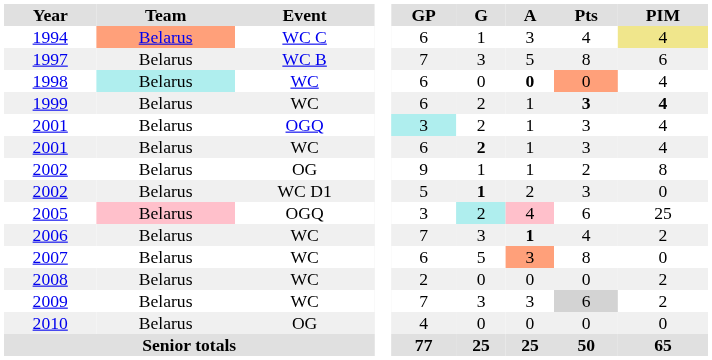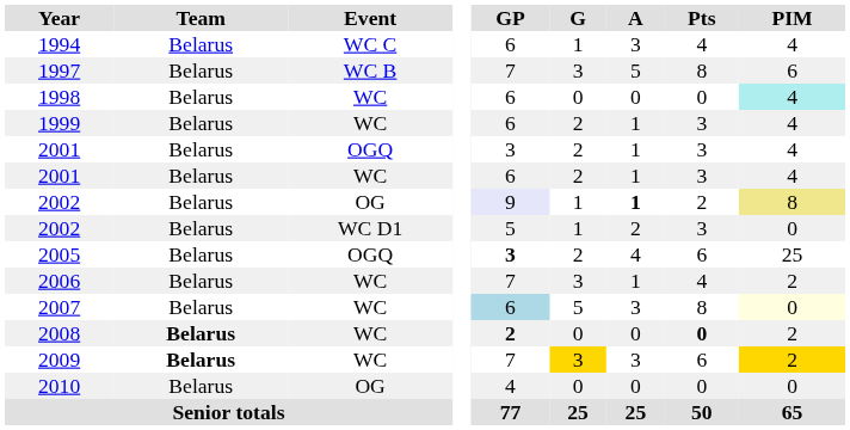 <table border="0" cellpadding="1" cellspacing="0" style="text-align:center; width:40em">
 <tr ALIGN="center" bgcolor="#e0e0e0">
 <th>Year</th>
 <th>Team</th>
 <th>Event</th>
 <th rowspan="99" bgcolor="#ffffff"> </th>
 <th>GP</th>
 <th>G</th>
 <th>A</th>
 <th>Pts</th>
 <th>PIM</th>
 </tr>
 <tr>
 <td><a href='#'>1994</a></td>
-<td style="background: lightsalmon;"><a href='#'>Belarus</a></td>
+<td><a href='#'>Belarus</a></td>
 <td><a href='#'>WC C</a></td>
 <td>6</td>
 <td>1</td>
 <td>3</td>
 <td>4</td>
-<td style="background: khaki;">4</td>
+<td>4</td>
 </tr>
 <tr bgcolor="#f0f0f0">
 <td><a href='#'>1997</a></td>
 <td>Belarus</td>
 <td><a href='#'>WC B</a></td>
 <td>7</td>
 <td>3</td>
 <td>5</td>
 <td>8</td>
 <td>6</td>
 </tr>
 <tr>
 <td><a href='#'>1998</a></td>
-<td style="background: paleturquoise;">Belarus</td>
+<td>Belarus</td>
 <td><a href='#'>WC</a></td>
 <td>6</td>
 <td>0</td>
-<td><strong>0</strong></td>
-<td style="background: lightsalmon;">0</td>
-<td>4</td>
+<td>0</td>
+<td>0</td>
+<td style="background: paleturquoise;">4</td>
 </tr>
 <tr bgcolor="#f0f0f0">
 <td><a href='#'>1999</a></td>
 <td>Belarus</td>
 <td>WC</td>
 <td>6</td>
 <td>2</td>
 <td>1</td>
-<td><strong>3</strong></td>
-<td><strong>4</strong></td>
+<td>3</td>
+<td>4</td>
 </tr>
 <tr>
 <td><a href='#'>2001</a></td>
 <td>Belarus</td>
 <td><a href='#'>OGQ</a></td>
-<td style="background: paleturquoise;">3</td>
+<td>3</td>
 <td>2</td>
 <td>1</td>
 <td>3</td>
 <td>4</td>
 </tr>
 <tr bgcolor="#f0f0f0">
 <td><a href='#'>2001</a></td>
 <td>Belarus</td>
 <td>WC</td>
 <td>6</td>
-<td><strong>2</strong></td>
+<td>2</td>
 <td>1</td>
 <td>3</td>
 <td>4</td>
 </tr>
 <tr>
 <td><a href='#'>2002</a></td>
 <td>Belarus</td>
 <td>OG</td>
-<td>9</td>
+<td style="background: lavender;">9</td>
 <td>1</td>
-<td>1</td>
+<td><strong>1</strong></td>
 <td>2</td>
-<td>8</td>
+<td style="background: khaki;">8</td>
 </tr>
 <tr bgcolor="#f0f0f0">
 <td><a href='#'>2002</a></td>
 <td>Belarus</td>
 <td>WC D1</td>
 <td>5</td>
-<td><strong>1</strong></td>
+<td>1</td>
 <td>2</td>
 <td>3</td>
 <td>0</td>
 </tr>
 <tr>
 <td><a href='#'>2005</a></td>
-<td style="background: pink;">Belarus</td>
+<td>Belarus</td>
 <td>OGQ</td>
-<td>3</td>
-<td style="background: paleturquoise;">2</td>
-<td style="background: pink;">4</td>
+<td><strong>3</strong></td>
+<td>2</td>
+<td>4</td>
 <td>6</td>
 <td>25</td>
 </tr>
 <tr bgcolor="#f0f0f0">
 <td><a href='#'>2006</a></td>
 <td>Belarus</td>
 <td>WC</td>
 <td>7</td>
 <td>3</td>
-<td><strong>1</strong></td>
+<td>1</td>
 <td>4</td>
 <td>2</td>
 </tr>
 <tr>
 <td><a href='#'>2007</a></td>
 <td>Belarus</td>
 <td>WC</td>
-<td>6</td>
+<td style="background: lightblue;">6</td>
 <td>5</td>
-<td style="background: lightsalmon;">3</td>
+<td>3</td>
 <td>8</td>
-<td>0</td>
+<td style="background: lightyellow;">0</td>
 </tr>
 <tr bgcolor="#f0f0f0">
 <td><a href='#'>2008</a></td>
-<td>Belarus</td>
+<td><strong>Belarus</strong></td>
 <td>WC</td>
-<td>2</td>
+<td><strong>2</strong></td>
 <td>0</td>
 <td>0</td>
-<td>0</td>
+<td><strong>0</strong></td>
 <td>2</td>
 </tr>
 <tr>
 <td><a href='#'>2009</a></td>
-<td>Belarus</td>
+<td><strong>Belarus</strong></td>
 <td>WC</td>
 <td>7</td>
+<td style="background: gold;">3</td>
 <td>3</td>
-<td>3</td>
-<td style="background: lightgrey;">6</td>
-<td>2</td>
+<td>6</td>
+<td style="background: gold;">2</td>
 </tr>
 <tr bgcolor="#f0f0f0">
 <td><a href='#'>2010</a></td>
 <td>Belarus</td>
 <td>OG</td>
 <td>4</td>
 <td>0</td>
 <td>0</td>
 <td>0</td>
 <td>0</td>
 </tr>
 <tr bgcolor="#e0e0e0">
 <th colspan=3>Senior totals</th>
 <th>77</th>
 <th>25</th>
 <th>25</th>
 <th>50</th>
 <th>65</th>
 </tr>
 </table>
